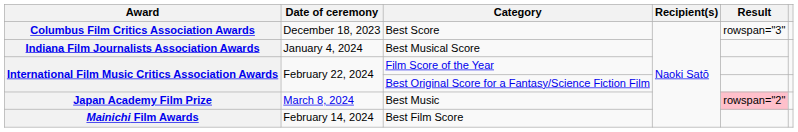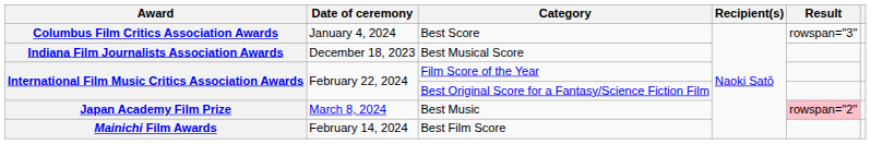 <table class="wikitable sortable plainrowheaders">
 <tr>
 <th scope="col">Award</th>
 <th scope="col">Date of ceremony</th>
 <th scope="col">Category</th>
 <th scope="col">Recipient(s)</th>
 <th scope="col">Result</th>
 <th class="unsortable" scope="col"></th>
 </tr>
 <tr>
 <th scope="row"><a href='#'>Columbus Film Critics Association Awards</a></th>
-<td>December 18, 2023</td>
+<td>January 4, 2024</td>
 <td>Best Score</td>
 <td rowspan="6"><a href='#'>Naoki Satō</a></td>
 <td>rowspan="3" </td>
 <td style="text-align:center;"></td>
 </tr>
 <tr>
 <th scope="row"><a href='#'>Indiana Film Journalists Association Awards</a></th>
-<td>January 4, 2024</td>
+<td>December 18, 2023</td>
 <td>Best Musical Score</td>
 <td style="text-align:center;"></td>
 </tr>
 <tr>
 <th rowspan="2" scope="row" style="text-align:center;"><a href='#'>International Film Music Critics Association Awards</a></th>
 <td rowspan="2">February 22, 2024</td>
 <td><a href='#'>Film Score of the Year</a></td>
 <td style="text-align:center;"></td>
 </tr>
 <tr>
 <td><a href='#'>Best Original Score for a Fantasy/Science Fiction Film</a></td>
 <td></td>
 <td style="text-align:center;"></td>
 </tr>
 <tr>
 <th scope="row"><a href='#'>Japan Academy Film Prize</a></th>
 <td><a href='#'>March 8, 2024</a></td>
 <td>Best Music</td>
 <td style="background: pink;">rowspan="2" </td>
 <td style="text-align:center;"></td>
 </tr>
 <tr>
 <th scope="row"><a href='#'><em>Mainichi</em> Film Awards</a></th>
 <td>February 14, 2024</td>
 <td>Best Film Score</td>
 <td style="text-align:center;"></td>
 </tr>
 </table>
